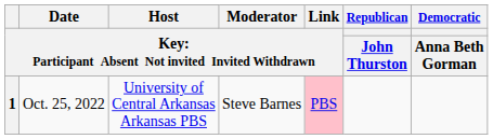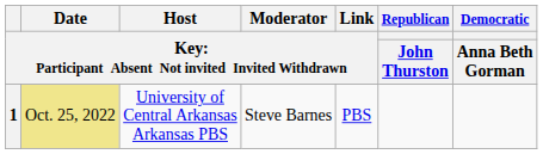 <table class="wikitable" style="text-align:center;">
 <tr>
 <th scope="col"></th>
 <th scope="col">Date</th>
 <th scope="col">Host</th>
 <th scope="col">Moderator</th>
 <th scope="col">Link</th>
 <th scope="col"><small><a href='#'>Republican</a></small></th>
 <th scope="col"><small><a href='#'>Democratic</a></small></th>
 </tr>
 <tr>
 <th colspan="5" rowspan="2">Key:<br> <small>Participant </small>  <small>Absent </small>  <small>Not invited </small>  <small>Invited  Withdrawn</small></th>
 <th scope="col" style="background:"></th>
 <th scope="col" style="background:"></th>
 </tr>
 <tr>
 <th scope="col"><a href='#'>John</a><br><a href='#'>Thurston</a></th>
 <th scope="col">Anna Beth<br>Gorman</th>
 </tr>
 <tr>
 <th>1</th>
-<td style="white-space:nowrap;">Oct. 25, 2022</td>
+<td style="background: khaki; white-space:nowrap;">Oct. 25, 2022</td>
 <td style="white-space:nowrap;"><a href='#'>University of</a><br><a href='#'>Central Arkansas</a><br><a href='#'>Arkansas PBS</a></td>
 <td style="white-space:nowrap;">Steve Barnes</td>
-<td style="background: pink; white-space:nowrap;"><a href='#'>PBS</a></td>
+<td style="white-space:nowrap;"><a href='#'>PBS</a></td>
 <td></td>
 <td></td>
 </tr>
 </table>
